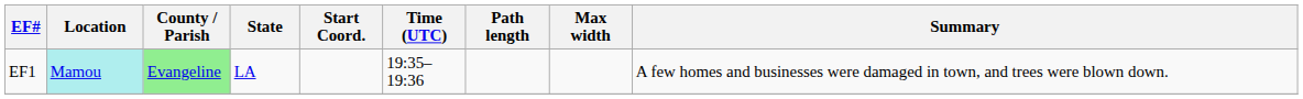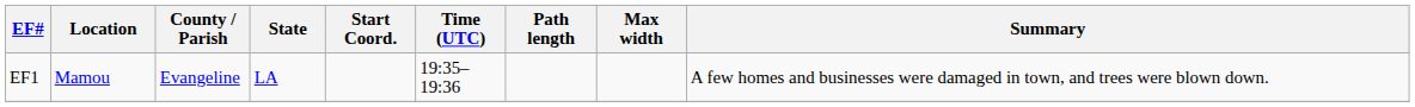 <table class="wikitable sortable" style="width:100%;">
 <tr>
 <th scope="col"  style="width:3%; text-align:center;"><a href='#'>EF#</a></th>
 <th scope="col"  style="width:7%; text-align:center;" class="unsortable">Location</th>
 <th scope="col"  style="width:6%; text-align:center;" class="unsortable">County / Parish</th>
 <th scope="col"  style="width:5%; text-align:center;">State</th>
 <th scope="col"  style="width:6%; text-align:center;">Start Coord.</th>
 <th scope="col"  style="width:6%; text-align:center;">Time (<a href='#'>UTC</a>)</th>
 <th scope="col"  style="width:6%; text-align:center;">Path length</th>
 <th scope="col"  style="width:6%; text-align:center;">Max width</th>
 <th scope="col" class="unsortable" style="width:48%; text-align:center;">Summary</th>
 </tr>
 <tr>
 <td>EF1</td>
-<td style="background: paleturquoise;"><a href='#'>Mamou</a></td>
-<td style="background: lightgreen;"><a href='#'>Evangeline</a></td>
+<td><a href='#'>Mamou</a></td>
+<td><a href='#'>Evangeline</a></td>
 <td><a href='#'>LA</a></td>
 <td></td>
 <td>19:35–19:36</td>
 <td></td>
 <td></td>
 <td>A few homes and businesses were damaged in town, and trees were blown down.</td>
 </tr>
 <tr>
 </tr>
 </table>
